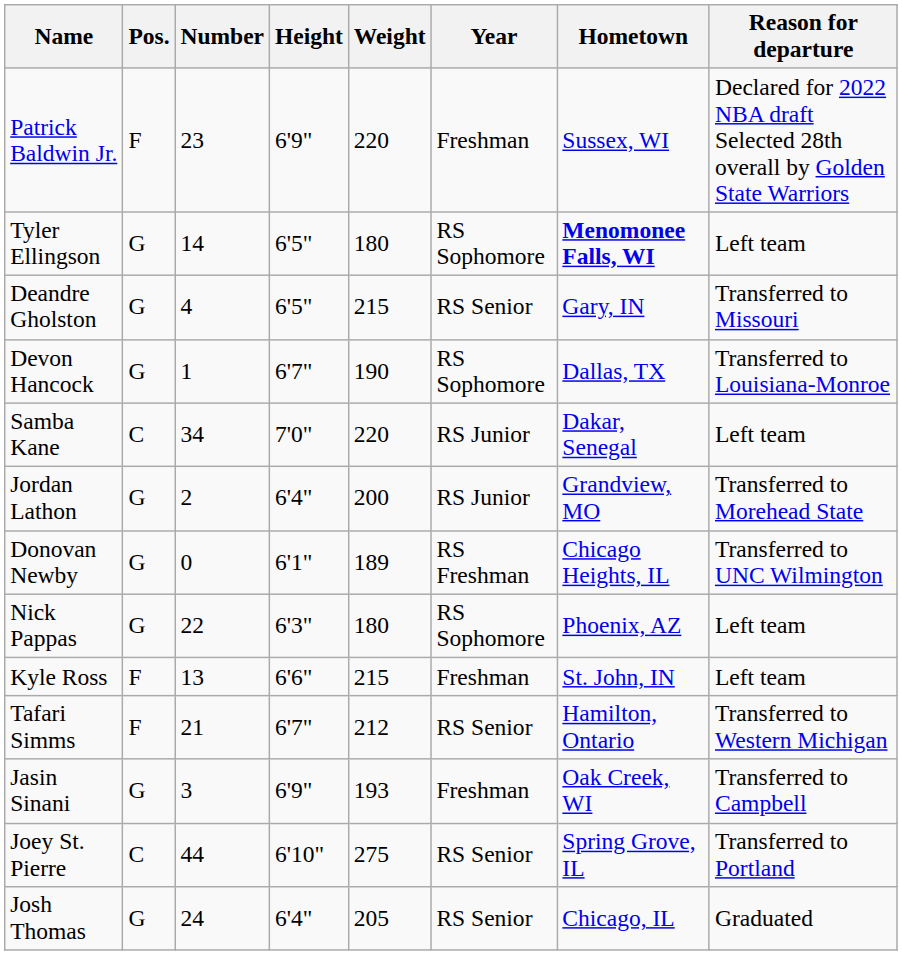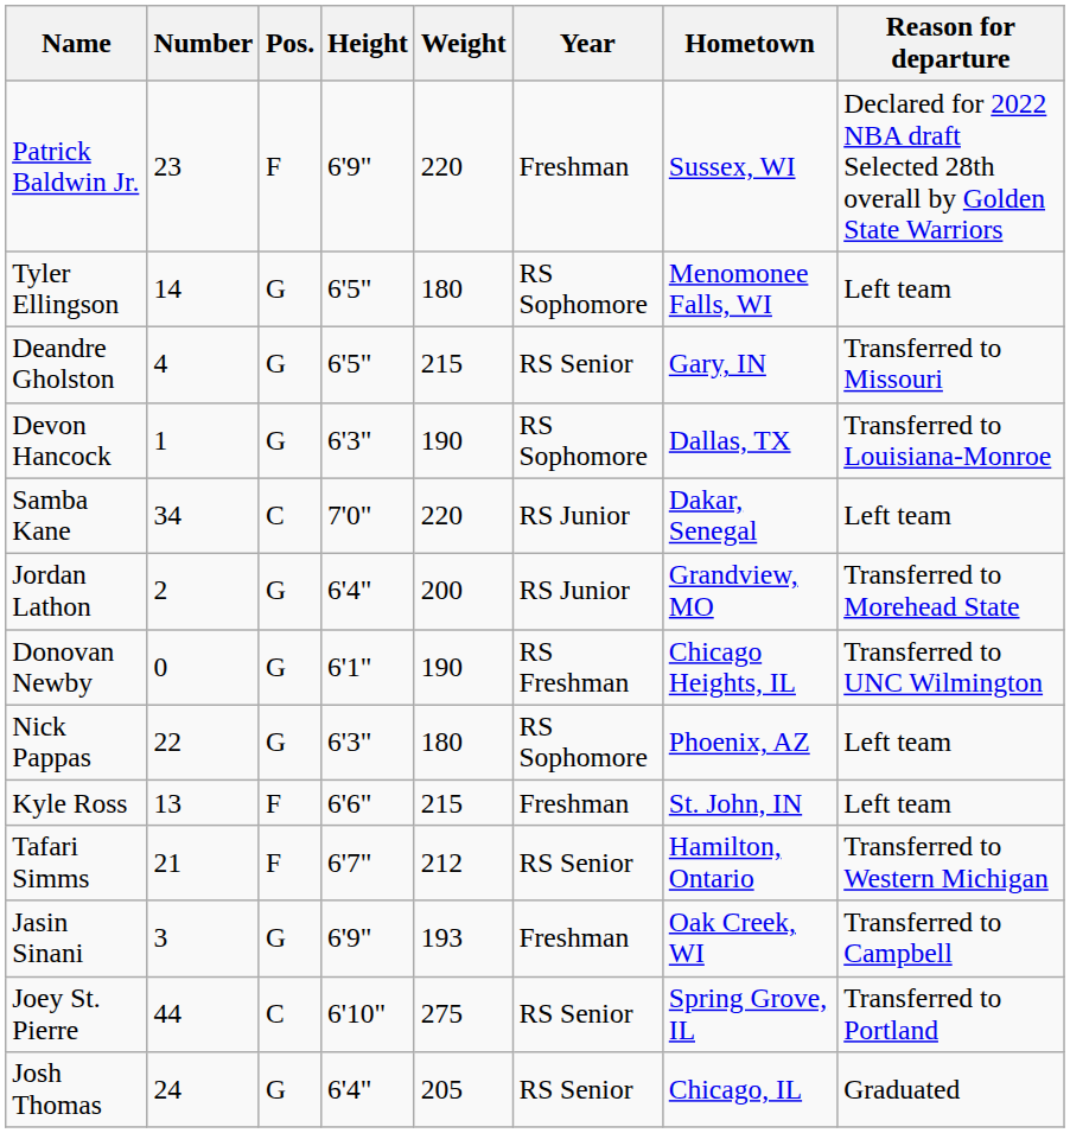 <table class="wikitable sortable" border="1">
 <tr>
 <th>Name</th>
+<th>Number</th>
 <th>Pos.</th>
-<th>Number</th>
 <th>Height</th>
 <th>Weight</th>
 <th>Year</th>
 <th>Hometown</th>
 <th>Reason for departure</th>
 </tr>
 <tr>
 <td><a href='#'>Patrick Baldwin Jr.</a></td>
+<td>23</td>
 <td>F</td>
-<td>23</td>
 <td>6'9"</td>
 <td>220</td>
 <td>Freshman</td>
 <td><a href='#'>Sussex, WI</a></td>
 <td>Declared for <a href='#'>2022 NBA draft</a><br>Selected 28th overall by <a href='#'>Golden State Warriors</a></td>
 </tr>
 <tr>
 <td>Tyler Ellingson</td>
+<td>14</td>
 <td>G</td>
-<td>14</td>
 <td>6'5"</td>
 <td>180</td>
 <td>RS Sophomore</td>
-<td><strong><a href='#'>Menomonee Falls, WI</a></strong></td>
+<td><a href='#'>Menomonee Falls, WI</a></td>
 <td>Left team</td>
 </tr>
 <tr>
 <td>Deandre Gholston</td>
+<td>4</td>
 <td>G</td>
-<td>4</td>
 <td>6'5"</td>
 <td>215</td>
 <td>RS Senior</td>
 <td><a href='#'>Gary, IN</a></td>
 <td>Transferred to <a href='#'>Missouri</a></td>
 </tr>
 <tr>
 <td>Devon Hancock</td>
+<td>1</td>
 <td>G</td>
-<td>1</td>
-<td>6'7"</td>
+<td>6'3"</td>
 <td>190</td>
 <td>RS Sophomore</td>
 <td><a href='#'>Dallas, TX</a></td>
 <td>Transferred to <a href='#'>Louisiana-Monroe</a></td>
 </tr>
 <tr>
 <td>Samba Kane</td>
+<td>34</td>
 <td>C</td>
-<td>34</td>
 <td>7'0"</td>
 <td>220</td>
 <td>RS Junior</td>
 <td><a href='#'>Dakar, Senegal</a></td>
 <td>Left team</td>
 </tr>
 <tr>
 <td>Jordan Lathon</td>
+<td>2</td>
 <td>G</td>
-<td>2</td>
 <td>6'4"</td>
 <td>200</td>
 <td>RS Junior</td>
 <td><a href='#'>Grandview, MO</a></td>
 <td>Transferred to <a href='#'>Morehead State</a></td>
 </tr>
 <tr>
 <td>Donovan Newby</td>
+<td>0</td>
 <td>G</td>
-<td>0</td>
 <td>6'1"</td>
-<td>189</td>
+<td>190</td>
 <td>RS Freshman</td>
 <td><a href='#'>Chicago Heights, IL</a></td>
 <td>Transferred to <a href='#'>UNC Wilmington</a></td>
 </tr>
 <tr>
 <td>Nick Pappas</td>
+<td>22</td>
 <td>G</td>
-<td>22</td>
 <td>6'3"</td>
 <td>180</td>
 <td>RS Sophomore</td>
 <td><a href='#'>Phoenix, AZ</a></td>
 <td>Left team</td>
 </tr>
 <tr>
 <td>Kyle Ross</td>
+<td>13</td>
 <td>F</td>
-<td>13</td>
 <td>6'6"</td>
 <td>215</td>
 <td>Freshman</td>
 <td><a href='#'>St. John, IN</a></td>
 <td>Left team</td>
 </tr>
 <tr>
 <td>Tafari Simms</td>
+<td>21</td>
 <td>F</td>
-<td>21</td>
 <td>6'7"</td>
 <td>212</td>
 <td>RS Senior</td>
 <td><a href='#'>Hamilton, Ontario</a></td>
 <td>Transferred to <a href='#'>Western Michigan</a></td>
 </tr>
 <tr>
 <td>Jasin Sinani</td>
+<td>3</td>
 <td>G</td>
-<td>3</td>
 <td>6'9"</td>
 <td>193</td>
 <td>Freshman</td>
 <td><a href='#'>Oak Creek, WI</a></td>
 <td>Transferred to <a href='#'>Campbell</a></td>
 </tr>
 <tr>
 <td>Joey St. Pierre</td>
+<td>44</td>
 <td>C</td>
-<td>44</td>
 <td>6'10"</td>
 <td>275</td>
 <td>RS Senior</td>
 <td><a href='#'>Spring Grove, IL</a></td>
 <td>Transferred to <a href='#'>Portland</a></td>
 </tr>
 <tr>
 <td>Josh Thomas</td>
+<td>24</td>
 <td>G</td>
-<td>24</td>
 <td>6'4"</td>
 <td>205</td>
 <td>RS Senior</td>
 <td><a href='#'>Chicago, IL</a></td>
 <td>Graduated</td>
 </tr>
 </table>
